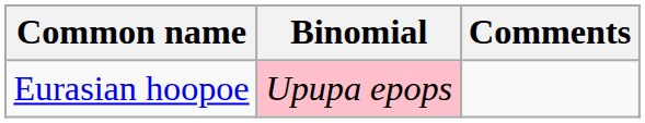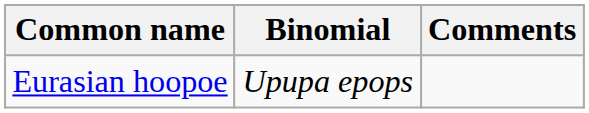 <table class="wikitable">
 <tr>
 <th>Common name</th>
 <th>Binomial</th>
 <th>Comments</th>
 </tr>
 <tr>
 <td><a href='#'>Eurasian hoopoe</a></td>
-<td style="background: pink;"><em>Upupa epops</em></td>
+<td><em>Upupa epops</em></td>
 </tr>
 </table>
